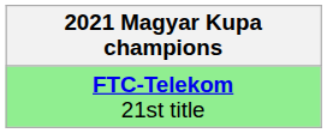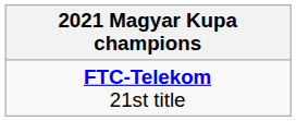 <table class=wikitable style="text-align:center; width:225px; margin:auto">
 <tr>
 <th>2021 Magyar Kupa champions</th>
 </tr>
 <tr>
-<td style="background: lightgreen;"><strong><a href='#'>FTC-Telekom</a></strong><br>21st title</td>
+<td><strong><a href='#'>FTC-Telekom</a></strong><br>21st title</td>
 </tr>
 </table>
